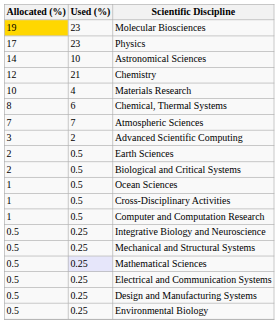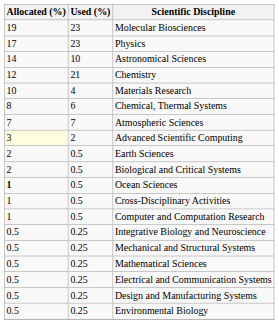 <table class="wikitable sortable">
 <tr>
 <th>Allocated (%)</th>
 <th>Used (%)</th>
 <th>Scientific Discipline</th>
 </tr>
 <tr>
-<td style="background: gold;">19</td>
+<td>19</td>
 <td>23</td>
 <td>Molecular Biosciences</td>
 </tr>
 <tr>
 <td>17</td>
 <td>23</td>
 <td>Physics</td>
 </tr>
 <tr>
 <td>14</td>
 <td>10</td>
 <td>Astronomical Sciences</td>
 </tr>
 <tr>
 <td>12</td>
 <td>21</td>
 <td>Chemistry</td>
 </tr>
 <tr>
 <td>10</td>
 <td>4</td>
 <td>Materials Research</td>
 </tr>
 <tr>
 <td>8</td>
 <td>6</td>
 <td>Chemical, Thermal Systems</td>
 </tr>
 <tr>
 <td>7</td>
 <td>7</td>
 <td>Atmospheric Sciences</td>
 </tr>
 <tr>
-<td>3</td>
+<td style="background: lightyellow;">3</td>
 <td>2</td>
 <td>Advanced Scientific Computing</td>
 </tr>
 <tr>
 <td>2</td>
 <td>0.5</td>
 <td>Earth Sciences</td>
 </tr>
 <tr>
 <td>2</td>
 <td>0.5</td>
 <td>Biological and Critical Systems</td>
 </tr>
 <tr>
-<td>1</td>
+<td><strong>1</strong></td>
 <td>0.5</td>
 <td>Ocean Sciences</td>
 </tr>
 <tr>
 <td>1</td>
 <td>0.5</td>
 <td>Cross-Disciplinary Activities</td>
 </tr>
 <tr>
 <td>1</td>
 <td>0.5</td>
 <td>Computer and Computation Research</td>
 </tr>
 <tr>
 <td>0.5</td>
 <td>0.25</td>
 <td>Integrative Biology and Neuroscience</td>
 </tr>
 <tr>
 <td>0.5</td>
 <td>0.25</td>
 <td>Mechanical and Structural Systems</td>
 </tr>
 <tr>
 <td>0.5</td>
-<td style="background: lavender;">0.25</td>
+<td>0.25</td>
 <td>Mathematical Sciences</td>
 </tr>
 <tr>
 <td>0.5</td>
 <td>0.25</td>
 <td>Electrical and Communication Systems</td>
 </tr>
 <tr>
 <td>0.5</td>
 <td>0.25</td>
 <td>Design and Manufacturing Systems</td>
 </tr>
 <tr>
 <td>0.5</td>
 <td>0.25</td>
 <td>Environmental Biology</td>
 </tr>
 <tr>
 </tr>
 </table>
